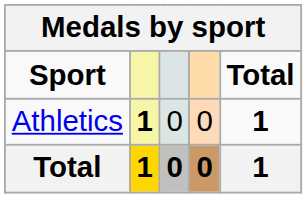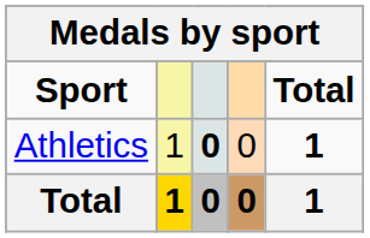 <table class=wikitable style=text-align:center;">
 <tr bgcolor=EFEFEF>
 <th colspan=7><strong>Medals by sport</strong></th>
 </tr>
 <tr>
 <td><strong>Sport</strong></td>
 <td bgcolor=F7F6A8></td>
 <td bgcolor=DCE5E5></td>
 <td bgcolor=FFDBA9></td>
 <td><strong>Total</strong></td>
 </tr>
 <tr>
 <td align=left> <a href='#'>Athletics</a></td>
-<td bgcolor=F7F6A8><strong>1</strong></td>
-<td bgcolor=DCE5E5>0</td>
+<td bgcolor=F7F6A8>1</td>
+<td bgcolor=DCE5E5><strong>0</strong></td>
 <td bgcolor=FFDAB9>0</td>
 <td><strong>1</strong></td>
 </tr>
 <tr>
 <th><strong>Total</strong></th>
 <th style="background:gold;"><strong>1</strong></th>
 <th style="background:silver;"><strong>0</strong></th>
 <th style="background:#c96;"><strong>0</strong></th>
 <th><strong>1</strong></th>
 </tr>
 </table>
